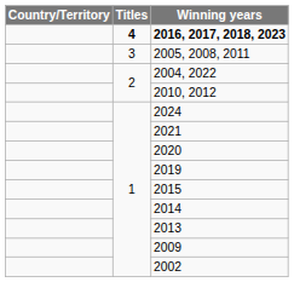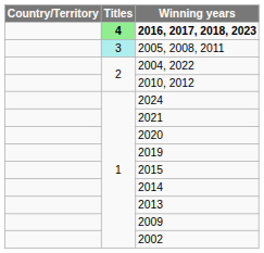 <table class="wikitable sortable" style="font-size: 92%;">
 <tr>
 <th style="background-color:#787878;color:#FFFFFF;">Country/Territory</th>
 <th style="background-color:#787878;color:#FFFFFF;">Titles</th>
 <th style="background-color:#787878;color:#FFFFFF;">Winning years</th>
 </tr>
 <tr>
 <td><strong></strong></td>
-<td align="center"><strong>4</strong></td>
+<td align="center" style="background: lightgreen;"><strong>4</strong></td>
 <td><strong>2016, 2017, 2018, 2023</strong></td>
 </tr>
 <tr>
 <td></td>
-<td align="center">3</td>
+<td align="center" style="background: paleturquoise;">3</td>
 <td>2005, 2008, 2011</td>
 </tr>
 <tr>
 <td></td>
 <td rowspan="2" align="center">2</td>
 <td>2004, 2022</td>
 </tr>
 <tr>
 <td></td>
 <td>2010, 2012</td>
 </tr>
 <tr>
 <td></td>
 <td rowspan="9" align="center">1</td>
 <td>2024</td>
 </tr>
 <tr>
 <td></td>
 <td>2021</td>
 </tr>
 <tr>
 <td></td>
 <td>2020</td>
 </tr>
 <tr>
 <td></td>
 <td>2019</td>
 </tr>
 <tr>
 <td></td>
 <td>2015</td>
 </tr>
 <tr>
 <td></td>
 <td>2014</td>
 </tr>
 <tr>
 <td></td>
 <td>2013</td>
 </tr>
 <tr>
 <td></td>
 <td>2009</td>
 </tr>
 <tr>
 <td></td>
 <td>2002</td>
 </tr>
 </table>
